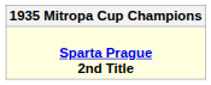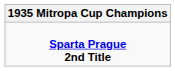 <table class=wikitable style="text-align:center; margin:auto">
 <tr>
 <th>1935 Mitropa Cup Champions</th>
 </tr>
 <tr>
-<td style="background: lightyellow;"> <br> <strong><a href='#'>Sparta Prague</a></strong> <br> <strong>2nd Title</strong></td>
+<td> <br> <strong><a href='#'>Sparta Prague</a></strong> <br> <strong>2nd Title</strong></td>
 </tr>
 </table>
